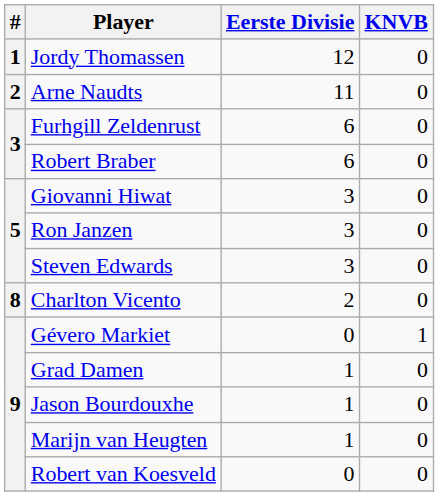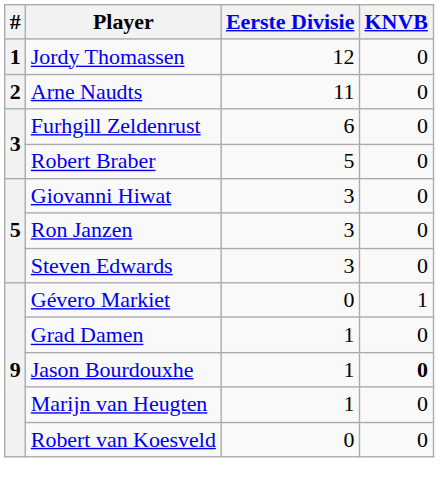 <table class="wikitable" style="text-align:right;">
 <tr>
 <th>#</th>
 <th>Player</th>
 <th><a href='#'>Eerste Divisie</a></th>
 <th><a href='#'>KNVB</a></th>
 </tr>
 <tr>
 <th align=center>1</th>
 <td align=left> <a href='#'>Jordy Thomassen</a></td>
 <td>12</td>
 <td>0</td>
 </tr>
 <tr>
 <th align=center>2</th>
 <td align=left> <a href='#'>Arne Naudts</a></td>
 <td>11</td>
 <td>0</td>
 </tr>
 <tr>
 <th rowspan=2 align=center>3</th>
 <td align=left> <a href='#'>Furhgill Zeldenrust</a></td>
 <td>6</td>
 <td>0</td>
 </tr>
 <tr>
 <td align=left> <a href='#'>Robert Braber</a></td>
-<td>6</td>
+<td>5</td>
 <td>0</td>
 </tr>
 <tr>
 <th rowspan=3 align=center>5</th>
 <td align=left> <a href='#'>Giovanni Hiwat</a></td>
 <td>3</td>
 <td>0</td>
 </tr>
 <tr>
 <td align=left> <a href='#'>Ron Janzen</a></td>
 <td>3</td>
 <td>0</td>
 </tr>
 <tr>
 <td align=left> <a href='#'>Steven Edwards</a></td>
 <td>3</td>
 <td>0</td>
 </tr>
 <tr>
-<th>8</th>
-<td align=left> <a href='#'>Charlton Vicento</a></td>
-<td>2</td>
-<td>0</td>
-</tr>
-<tr>
 <th rowspan=5>9</th>
 <td align=left> <a href='#'>Gévero Markiet</a></td>
 <td>0</td>
 <td>1</td>
 </tr>
 <tr>
 <td align=left> <a href='#'>Grad Damen</a></td>
 <td>1</td>
 <td>0</td>
 </tr>
 <tr>
 <td align=left> <a href='#'>Jason Bourdouxhe</a></td>
 <td>1</td>
-<td>0</td>
+<td><strong>0</strong></td>
 </tr>
 <tr>
 <td align=left> <a href='#'>Marijn van Heugten</a></td>
 <td>1</td>
 <td>0</td>
 </tr>
 <tr>
 <td align=left> <a href='#'>Robert van Koesveld</a></td>
 <td>0</td>
 <td>0</td>
 </tr>
 </table>
